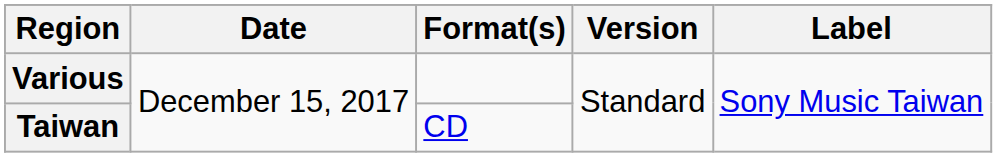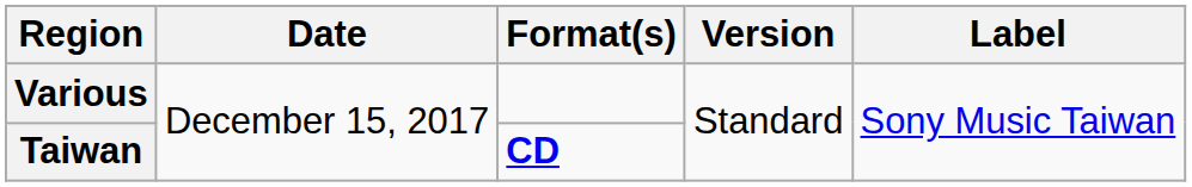 <table class="wikitable plainrowheaders">
 <tr>
 <th>Region</th>
 <th>Date</th>
 <th>Format(s)</th>
 <th>Version</th>
 <th>Label</th>
 </tr>
 <tr>
 <th scope="row">Various</th>
 <td rowspan="2">December 15, 2017</td>
 <td></td>
 <td rowspan="2">Standard</td>
 <td rowspan="2"><a href='#'>Sony Music Taiwan</a></td>
 </tr>
 <tr>
 <th scope="row">Taiwan</th>
-<td><a href='#'>CD</a></td>
+<td><strong><a href='#'>CD</a></strong></td>
 </tr>
 </table>
